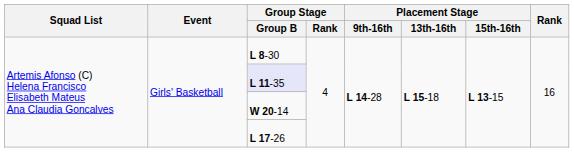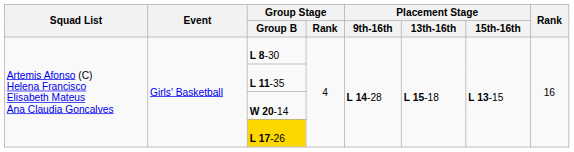 <table class="wikitable" width="90%" style="text-align:left; font-size:90%">
 <tr>
 <th rowspan="2">Squad List</th>
 <th rowspan="2">Event</th>
 <th colspan="2">Group Stage</th>
 <th colspan="3">Placement Stage</th>
 <th rowspan="2">Rank</th>
 </tr>
 <tr>
 <th>Group B</th>
 <th>Rank</th>
 <th>9th-16th</th>
 <th>13th-16th</th>
 <th>15th-16th</th>
 </tr>
 <tr>
 <td rowspan="4"><a href='#'>Artemis Afonso</a> (C)<br><a href='#'>Helena Francisco</a><br><a href='#'>Elisabeth Mateus</a><br><a href='#'>Ana Claudia Goncalves</a></td>
 <td rowspan="4"><a href='#'>Girls' Basketball</a></td>
 <td><br> <strong>L</strong> <strong>8</strong>-30</td>
 <td rowspan="4" align=center>4</td>
 <td rowspan="4"> <br> <strong>L</strong> <strong>14</strong>-28</td>
 <td rowspan="4"> <br> <strong>L</strong> <strong>15</strong>-18</td>
 <td rowspan="4"> <br> <strong>L</strong> <strong>13</strong>-15</td>
 <td rowspan="4" align="center">16</td>
 </tr>
 <tr>
-<td style="background: lavender;"><br> <strong>L</strong> <strong>11</strong>-35</td>
+<td><br> <strong>L</strong> <strong>11</strong>-35</td>
 </tr>
 <tr>
 <td><br> <strong>W</strong> <strong>20</strong>-14</td>
 </tr>
 <tr>
-<td><br> <strong>L</strong> <strong>17</strong>-26</td>
+<td style="background: gold;"><br> <strong>L</strong> <strong>17</strong>-26</td>
 </tr>
 </table>
